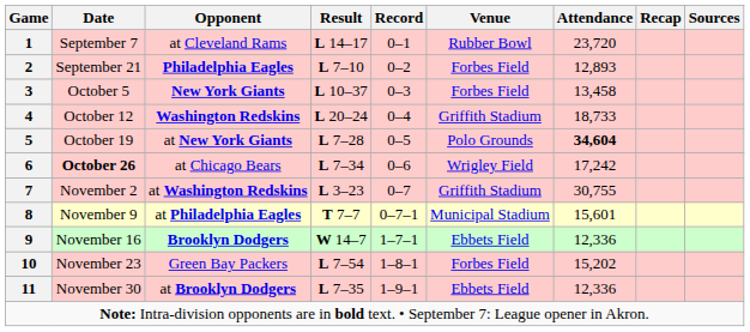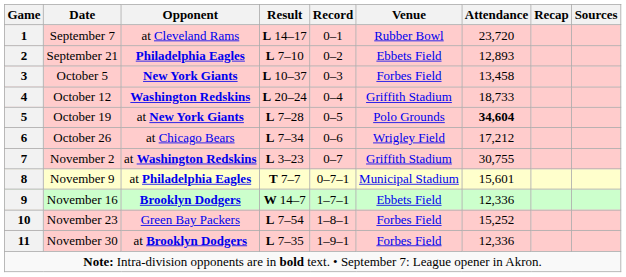 <table class="wikitable" style="text-align:center">
 <tr>
 <th>Game</th>
 <th>Date</th>
 <th>Opponent</th>
 <th>Result</th>
 <th>Record</th>
 <th>Venue</th>
 <th>Attendance</th>
 <th>Recap</th>
 <th>Sources</th>
 </tr>
 <tr style="background:#fcc">
 <th>1</th>
 <td>September 7</td>
 <td>at <a href='#'>Cleveland Rams</a></td>
 <td><strong>L</strong> 14–17</td>
 <td>0–1</td>
 <td><a href='#'>Rubber Bowl</a></td>
 <td>23,720</td>
 <td></td>
 <td></td>
 </tr>
 <tr style="background:#fcc">
 <th>2</th>
 <td>September 21</td>
 <td><strong><a href='#'>Philadelphia Eagles</a></strong></td>
 <td><strong>L</strong> 7–10</td>
 <td>0–2</td>
-<td><a href='#'>Forbes Field</a></td>
+<td><a href='#'>Ebbets Field</a></td>
 <td>12,893</td>
 <td></td>
 <td></td>
 </tr>
 <tr style="background:#fcc">
 <th>3</th>
 <td>October 5</td>
 <td><strong><a href='#'>New York Giants</a></strong></td>
 <td><strong>L</strong> 10–37</td>
 <td>0–3</td>
 <td><a href='#'>Forbes Field</a></td>
 <td>13,458</td>
 <td></td>
 <td></td>
 </tr>
 <tr style="background:#fcc">
 <th>4</th>
 <td>October 12</td>
 <td><strong><a href='#'>Washington Redskins</a></strong></td>
 <td><strong>L</strong> 20–24</td>
 <td>0–4</td>
 <td><a href='#'>Griffith Stadium</a></td>
 <td>18,733</td>
 <td></td>
 <td></td>
 </tr>
 <tr style="background:#fcc">
 <th>5</th>
 <td>October 19</td>
 <td>at <strong><a href='#'>New York Giants</a></strong></td>
 <td><strong>L</strong> 7–28</td>
 <td>0–5</td>
 <td><a href='#'>Polo Grounds</a></td>
 <td><strong>34,604</strong></td>
 <td></td>
 <td></td>
 </tr>
 <tr style="background:#fcc">
 <th>6</th>
-<td><strong>October 26</strong></td>
+<td>October 26</td>
 <td>at <a href='#'>Chicago Bears</a></td>
 <td><strong>L</strong> 7–34</td>
 <td>0–6</td>
 <td><a href='#'>Wrigley Field</a></td>
-<td>17,242</td>
+<td>17,212</td>
 <td></td>
 <td></td>
 </tr>
 <tr style="background:#fcc">
 <th>7</th>
 <td>November 2</td>
 <td>at <strong><a href='#'>Washington Redskins</a></strong></td>
 <td><strong>L</strong> 3–23</td>
 <td>0–7</td>
 <td><a href='#'>Griffith Stadium</a></td>
 <td>30,755</td>
 <td></td>
 <td></td>
 </tr>
 <tr style="background:#ffc">
 <th>8</th>
 <td>November 9</td>
 <td>at <strong><a href='#'>Philadelphia Eagles</a></strong></td>
 <td><strong>T</strong> 7–7</td>
 <td>0–7–1</td>
 <td><a href='#'>Municipal Stadium</a></td>
 <td>15,601</td>
 <td></td>
 <td></td>
 </tr>
 <tr style="background:#cfc">
 <th>9</th>
 <td>November 16</td>
 <td><strong><a href='#'>Brooklyn Dodgers</a></strong></td>
 <td><strong>W</strong> 14–7</td>
 <td>1–7–1</td>
 <td><a href='#'>Ebbets Field</a></td>
 <td>12,336</td>
 <td></td>
 <td></td>
 </tr>
 <tr style="background:#fcc">
 <th>10</th>
 <td>November 23</td>
 <td><a href='#'>Green Bay Packers</a></td>
 <td><strong>L</strong> 7–54</td>
 <td>1–8–1</td>
 <td><a href='#'>Forbes Field</a></td>
-<td>15,202</td>
+<td>15,252</td>
 <td></td>
 <td></td>
 </tr>
 <tr style="background:#fcc">
 <th>11</th>
 <td>November 30</td>
 <td>at <strong><a href='#'>Brooklyn Dodgers</a></strong></td>
 <td><strong>L</strong> 7–35</td>
 <td>1–9–1</td>
-<td><a href='#'>Ebbets Field</a></td>
+<td><a href='#'>Forbes Field</a></td>
 <td>12,336</td>
 <td></td>
 <td></td>
 </tr>
 <tr>
 <td colspan="10"><strong>Note:</strong> Intra-division opponents are in <strong>bold</strong> text. •  September 7: League opener in Akron.</td>
 </tr>
 </table>
